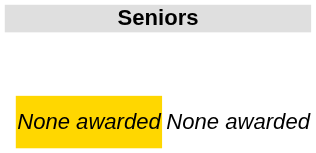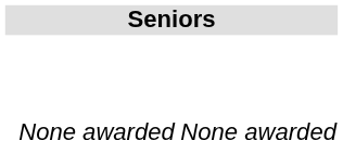 <table>
 <tr bgcolor="DFDFDF">
 <td colspan="4" align="center"><strong>Seniors</strong></td>
 </tr>
 <tr>
 <th scope=row style="text-align:left"><br></th>
 <td></td>
 <td></td>
 <td></td>
 </tr>
 <tr>
 <th scope=row style="text-align:left"><br></th>
 <td></td>
 <td></td>
 <td></td>
 </tr>
 <tr>
 <th scope=row style="text-align:left"><br></th>
 <td><br><br></td>
-<td style="background: gold;"><em>None awarded</em></td>
+<td><em>None awarded</em></td>
 <td><em>None awarded</em></td>
 </tr>
 <tr>
 <th scope=row style="text-align:left"><br></th>
 <td></td>
 <td></td>
 <td></td>
 </tr>
 <tr>
 <th scope=row style="text-align:left"><br></th>
 <td></td>
 <td></td>
 <td><br></td>
 </tr>
 </table>
